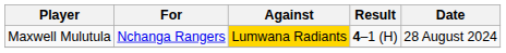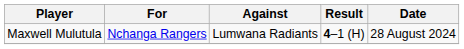 <table class="wikitable sortable">
 <tr>
 <th>Player</th>
 <th>For</th>
 <th>Against</th>
 <th align=center>Result</th>
 <th>Date</th>
 </tr>
 <tr>
 <td> Maxwell Mulutula</td>
 <td><a href='#'>Nchanga Rangers</a></td>
-<td style="background: gold;">Lumwana Radiants</td>
+<td>Lumwana Radiants</td>
 <td align="center"><strong>4</strong>–1 (H)</td>
 <td>28 August 2024</td>
 </tr>
 <tr>
 </tr>
 </table>
